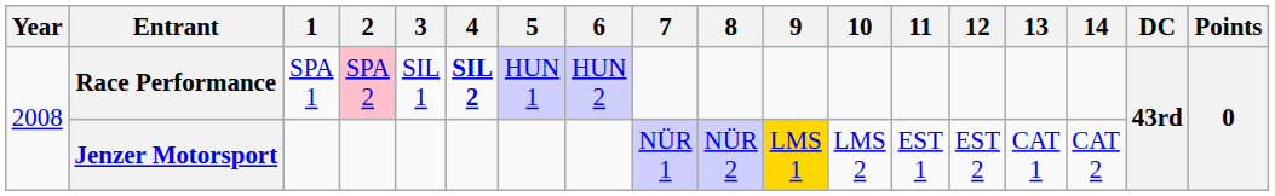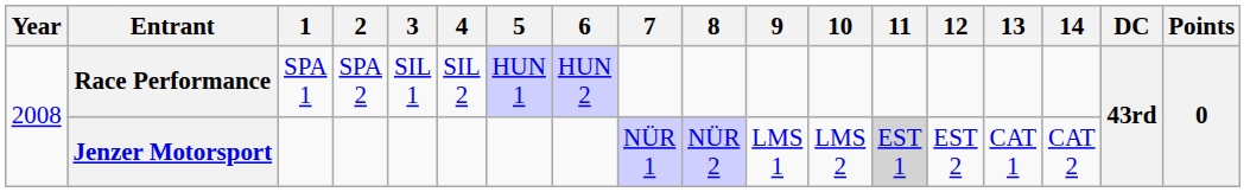 <table class="wikitable" style="text-align:center; font-size:85%">
 <tr>
 <th>Year</th>
 <th>Entrant</th>
 <th>1</th>
 <th>2</th>
 <th>3</th>
 <th>4</th>
 <th>5</th>
 <th>6</th>
 <th>7</th>
 <th>8</th>
 <th>9</th>
 <th>10</th>
 <th>11</th>
 <th>12</th>
 <th>13</th>
 <th>14</th>
 <th>DC</th>
 <th>Points</th>
 </tr>
 <tr>
 <td rowspan="2"><a href='#'>2008</a></td>
 <th nowrap>Race Performance</th>
 <td><a href='#'>SPA<br>1</a></td>
-<td style="background: pink;"><a href='#'>SPA<br>2</a></td>
+<td><a href='#'>SPA<br>2</a></td>
 <td><a href='#'>SIL<br>1</a></td>
-<td><strong><a href='#'>SIL<br>2</a></strong></td>
+<td><a href='#'>SIL<br>2</a></td>
 <td style="background:#cfcfff;"><a href='#'>HUN<br>1</a><br></td>
 <td style="background:#cfcfff;"><a href='#'>HUN<br>2</a><br></td>
 <td></td>
 <td></td>
 <td></td>
 <td></td>
 <td></td>
 <td></td>
 <td></td>
 <td></td>
 <th rowspan="2">43rd</th>
 <th rowspan="2">0</th>
 </tr>
 <tr>
 <th nowrap><a href='#'>Jenzer Motorsport</a></th>
 <td></td>
 <td></td>
 <td></td>
 <td></td>
 <td></td>
 <td></td>
 <td style="background:#cfcfff;"><a href='#'>NÜR<br>1</a><br></td>
 <td style="background:#cfcfff;"><a href='#'>NÜR<br>2</a><br></td>
-<td style="background: gold;"><a href='#'>LMS<br>1</a></td>
+<td><a href='#'>LMS<br>1</a></td>
 <td><a href='#'>LMS<br>2</a></td>
-<td><a href='#'>EST<br>1</a></td>
+<td style="background: lightgrey;"><a href='#'>EST<br>1</a></td>
 <td><a href='#'>EST<br>2</a></td>
 <td><a href='#'>CAT<br>1</a></td>
 <td><a href='#'>CAT<br>2</a></td>
 </tr>
 </table>
